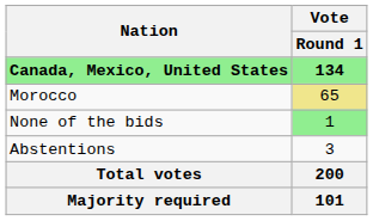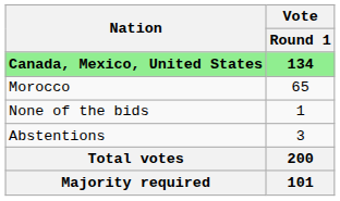 <table class="wikitable" style="margin: 0 auto;text-align: center">
 <tr>
 <th rowspan="2">Nation</th>
 <th colspan="2">Vote</th>
 </tr>
 <tr>
 <th>Round 1</th>
 </tr>
 <tr style="background:#90ee90">
 <td align=left><strong>Canada, Mexico, United States</strong></td>
 <td><strong>134</strong></td>
 </tr>
 <tr>
 <td align=left>Morocco</td>
-<td style="background: khaki;">65</td>
+<td>65</td>
 </tr>
 <tr>
 <td align=left>None of the bids</td>
-<td style="background: lightgreen;">1</td>
+<td>1</td>
 </tr>
 <tr>
 <td align=left>Abstentions</td>
 <td>3</td>
 </tr>
 <tr>
 <th align=left>Total votes</th>
 <th>200</th>
 </tr>
 <tr>
 <th align=left>Majority required</th>
 <th>101</th>
 </tr>
 </table>
